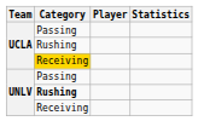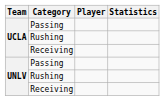 <table class="wikitable" style="float:right">
 <tr>
 <th>Team</th>
 <th>Category</th>
 <th>Player</th>
 <th>Statistics</th>
 </tr>
 <tr>
 <th rowspan=3>UCLA</th>
 <td>Passing</td>
 <td></td>
 <td></td>
 </tr>
 <tr>
 <td>Rushing</td>
 <td></td>
 <td></td>
 </tr>
 <tr>
-<td style="background: gold;">Receiving</td>
+<td>Receiving</td>
 <td></td>
 <td></td>
 </tr>
 <tr>
 <th rowspan=3>UNLV</th>
 <td>Passing</td>
 <td></td>
 <td></td>
 </tr>
 <tr>
-<td><strong>Rushing</strong></td>
+<td>Rushing</td>
 <td></td>
 <td></td>
 </tr>
 <tr>
 <td>Receiving</td>
 <td></td>
 <td></td>
 </tr>
 </table>
